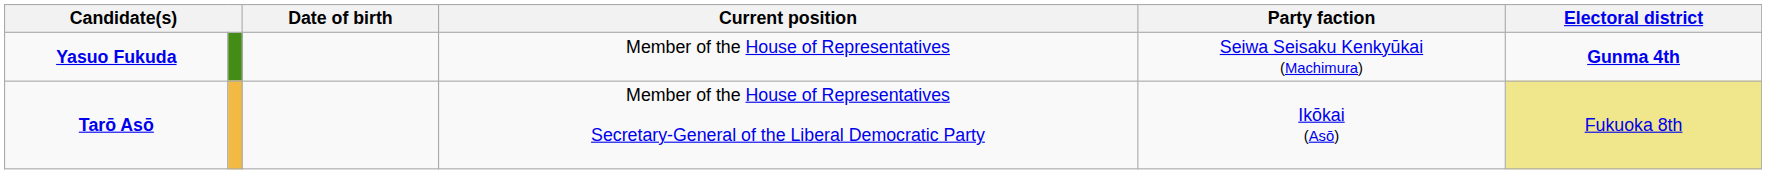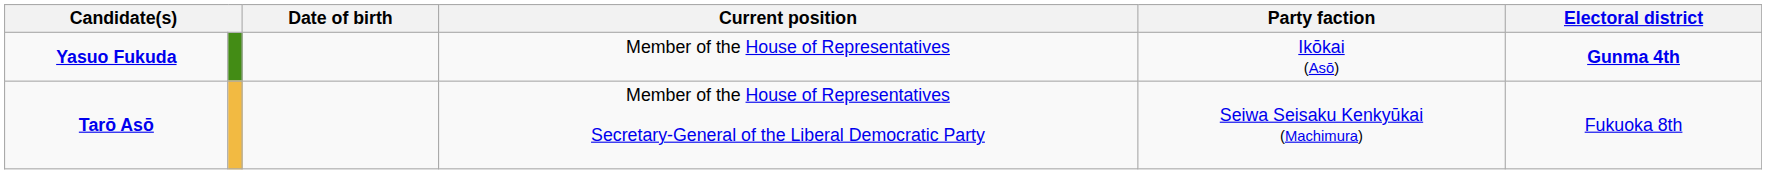 <table class="wikitable sortable" style="text-align:center;width:100%">
 <tr>
 <th colspan="2" style="width:110px;">Candidate(s)</th>
 <th>Date of birth</th>
 <th class="unsortable">Current position</th>
 <th>Party faction</th>
 <th><a href='#'>Electoral district</a></th>
 </tr>
 <tr>
 <td> <strong><a href='#'>Yasuo Fukuda</a></strong></td>
 <td style="background:#438C15"></td>
 <td><br></td>
 <td>Member of the <a href='#'>House of Representatives</a><br><br></td>
-<td><a href='#'>Seiwa Seisaku Kenkyūkai</a><br><small> (<a href='#'>Machimura</a>) </small></td>
+<td><a href='#'>Ikōkai</a><br><small> (<a href='#'>Asō</a>) </small></td>
 <td><strong> <a href='#'>Gunma 4th</a></strong></td>
 </tr>
 <tr>
 <td> <strong><a href='#'>Tarō Asō</a></strong></td>
 <td style="background:#F2BA42"></td>
 <td><br></td>
 <td>Member of the <a href='#'>House of Representatives</a><br><br><a href='#'>Secretary-General of the Liberal Democratic Party</a><br><br></td>
-<td><a href='#'>Ikōkai</a><br><small> (<a href='#'>Asō</a>) </small></td>
-<td style="background: khaki;"> <a href='#'>Fukuoka 8th</a></td>
+<td><a href='#'>Seiwa Seisaku Kenkyūkai</a><br><small> (<a href='#'>Machimura</a>) </small></td>
+<td> <a href='#'>Fukuoka 8th</a></td>
 </tr>
 </table>
